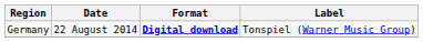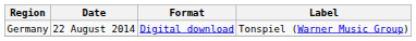 <table class=wikitable>
 <tr>
 <th>Region</th>
 <th>Date</th>
 <th>Format</th>
 <th>Label</th>
 </tr>
 <tr>
 <td>Germany</td>
 <td>22 August 2014</td>
-<td><strong><a href='#'>Digital download</a></strong></td>
+<td><a href='#'>Digital download</a></td>
 <td>Tonspiel (<a href='#'>Warner Music Group</a>)</td>
 </tr>
 <tr>
 </tr>
 </table>
